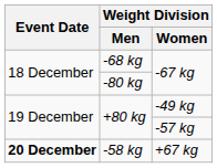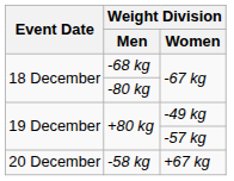 <table class="wikitable" style="border: none;">
 <tr>
 <th colspan="1" rowspan="2">Event Date</th>
 <th colspan="2">Weight Division</th>
 </tr>
 <tr>
 <th>Men</th>
 <th>Women</th>
 </tr>
 <tr>
 <td rowspan="2">18 December</td>
 <td><em>-68 kg</em></td>
 <td rowspan="2"><em>-67 kg</em></td>
 </tr>
 <tr>
 <td><em>-80 kg</em></td>
 </tr>
 <tr>
 <td rowspan="2">19 December</td>
 <td rowspan="2"><em>+80 kg</em></td>
 <td><em>-49 kg</em></td>
 </tr>
 <tr>
 <td><em>-57 kg</em></td>
 </tr>
 <tr>
-<td><strong>20 December</strong></td>
+<td>20 December</td>
 <td><em>-58 kg</em></td>
 <td><em>+67 kg</em></td>
 </tr>
 </table>
